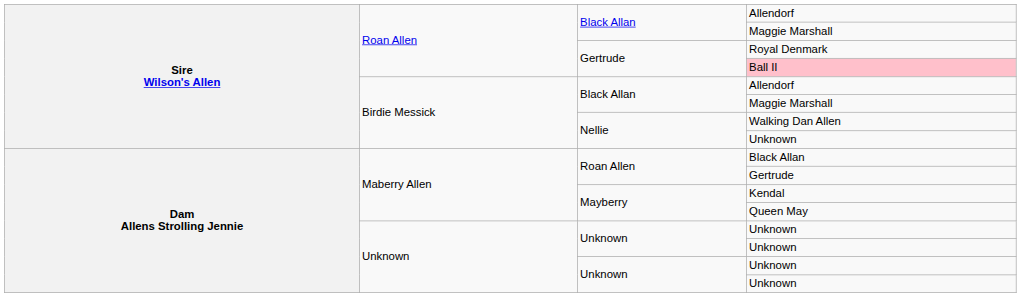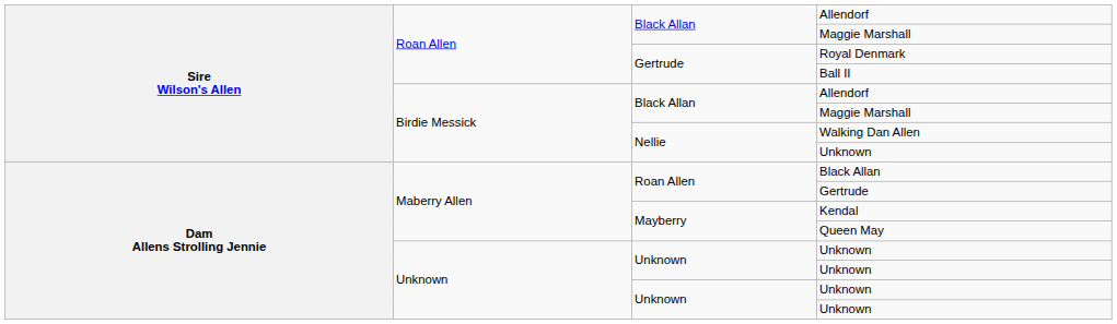 <table class="wikitable" style="clear:both; margin:0em auto; width:90%;">
 <tr>
 <th rowspan="8">Sire<br><a href='#'>Wilson's Allen</a></th>
 <td rowspan="4"><a href='#'>Roan Allen</a></td>
 <td rowspan="2"><a href='#'>Black Allan</a></td>
 <td>Allendorf</td>
 </tr>
 <tr>
 <td>Maggie Marshall</td>
 </tr>
 <tr>
 <td rowspan="2">Gertrude</td>
 <td>Royal Denmark</td>
 </tr>
 <tr>
-<td style="background: pink;">Ball II</td>
+<td>Ball II</td>
 </tr>
 <tr>
 <td rowspan="4">Birdie Messick</td>
 <td rowspan="2">Black Allan</td>
 <td>Allendorf</td>
 </tr>
 <tr>
 <td>Maggie Marshall</td>
 </tr>
 <tr>
 <td rowspan="2">Nellie</td>
 <td>Walking Dan Allen</td>
 </tr>
 <tr>
 <td>Unknown</td>
 </tr>
 <tr>
 <th rowspan="8">Dam<br>Allens Strolling Jennie</th>
 <td rowspan="4">Maberry Allen</td>
 <td rowspan="2">Roan Allen</td>
 <td>Black Allan</td>
 </tr>
 <tr>
 <td>Gertrude</td>
 </tr>
 <tr>
 <td rowspan="2">Mayberry</td>
 <td>Kendal</td>
 </tr>
 <tr>
 <td>Queen May</td>
 </tr>
 <tr>
 <td rowspan="4">Unknown</td>
 <td rowspan="2">Unknown</td>
 <td>Unknown</td>
 </tr>
 <tr>
 <td>Unknown</td>
 </tr>
 <tr>
 <td rowspan="2">Unknown</td>
 <td>Unknown</td>
 </tr>
 <tr>
 <td>Unknown</td>
 </tr>
 </table>
